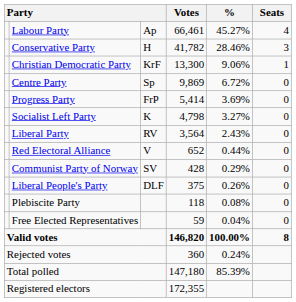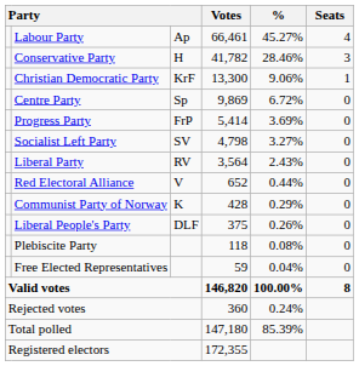 <table class="wikitable" border="1" style="text-align:right;">
 <tr>
 <th style="text-align:left;" colspan=3>Party</th>
 <th align=center width="50">Votes</th>
 <th align=center width="50">%</th>
 <th align=center width="50">Seats</th>
 </tr>
 <tr>
 <td style="color:inherit;background:"></td>
 <td align=left><a href='#'>Labour Party</a></td>
 <td align=left>Ap</td>
 <td>66,461</td>
 <td>45.27%</td>
 <td>4</td>
 </tr>
 <tr>
 <td style="color:inherit;background:"></td>
 <td align=left><a href='#'>Conservative Party</a></td>
 <td align=left>H</td>
 <td>41,782</td>
 <td>28.46%</td>
 <td>3</td>
 </tr>
 <tr>
 <td style="color:inherit;background:"></td>
 <td align=left><a href='#'>Christian Democratic Party</a></td>
 <td align=left>KrF</td>
 <td>13,300</td>
 <td>9.06%</td>
 <td>1</td>
 </tr>
 <tr>
 <td style="color:inherit;background:"></td>
 <td align=left><a href='#'>Centre Party</a></td>
 <td align=left>Sp</td>
 <td>9,869</td>
 <td>6.72%</td>
 <td>0</td>
 </tr>
 <tr>
 <td style="color:inherit;background:"></td>
 <td align=left><a href='#'>Progress Party</a></td>
 <td align=left>FrP</td>
 <td>5,414</td>
 <td>3.69%</td>
 <td>0</td>
 </tr>
 <tr>
 <td style="color:inherit;background:"></td>
 <td align=left><a href='#'>Socialist Left Party</a></td>
-<td align=left>K</td>
+<td align=left>SV</td>
 <td>4,798</td>
 <td>3.27%</td>
 <td>0</td>
 </tr>
 <tr>
 <td style="color:inherit;background:"></td>
 <td align=left><a href='#'>Liberal Party</a></td>
 <td align=left>RV</td>
 <td>3,564</td>
 <td>2.43%</td>
 <td>0</td>
 </tr>
 <tr>
 <td style="color:inherit;background:"></td>
 <td align=left><a href='#'>Red Electoral Alliance</a></td>
 <td align=left>V</td>
 <td>652</td>
 <td>0.44%</td>
 <td>0</td>
 </tr>
 <tr>
 <td style="color:inherit;background:"></td>
 <td align=left><a href='#'>Communist Party of Norway</a></td>
-<td align=left>SV</td>
+<td align=left>K</td>
 <td>428</td>
 <td>0.29%</td>
 <td>0</td>
 </tr>
 <tr>
 <td style="color:inherit;background:"></td>
 <td align=left><a href='#'>Liberal People's Party</a></td>
 <td align=left>DLF</td>
 <td>375</td>
 <td>0.26%</td>
 <td>0</td>
 </tr>
 <tr>
 <td></td>
 <td align=left>Plebiscite Party</td>
 <td align=left></td>
 <td>118</td>
 <td>0.08%</td>
 <td>0</td>
 </tr>
 <tr>
 <td></td>
 <td align=left>Free Elected Representatives</td>
 <td align=left></td>
 <td>59</td>
 <td>0.04%</td>
 <td>0</td>
 </tr>
 <tr style="font-weight:bold">
 <td align=left colspan=3>Valid votes</td>
 <td>146,820</td>
 <td>100.00%</td>
 <td>8</td>
 </tr>
 <tr>
 <td align=left colspan=3>Rejected votes</td>
 <td>360</td>
 <td>0.24%</td>
 <td></td>
 </tr>
 <tr>
 <td align=left colspan=3>Total polled</td>
 <td>147,180</td>
 <td>85.39%</td>
 <td></td>
 </tr>
 <tr>
 <td align=left colspan=3>Registered electors</td>
 <td>172,355</td>
 <td></td>
 <td></td>
 </tr>
 </table>
